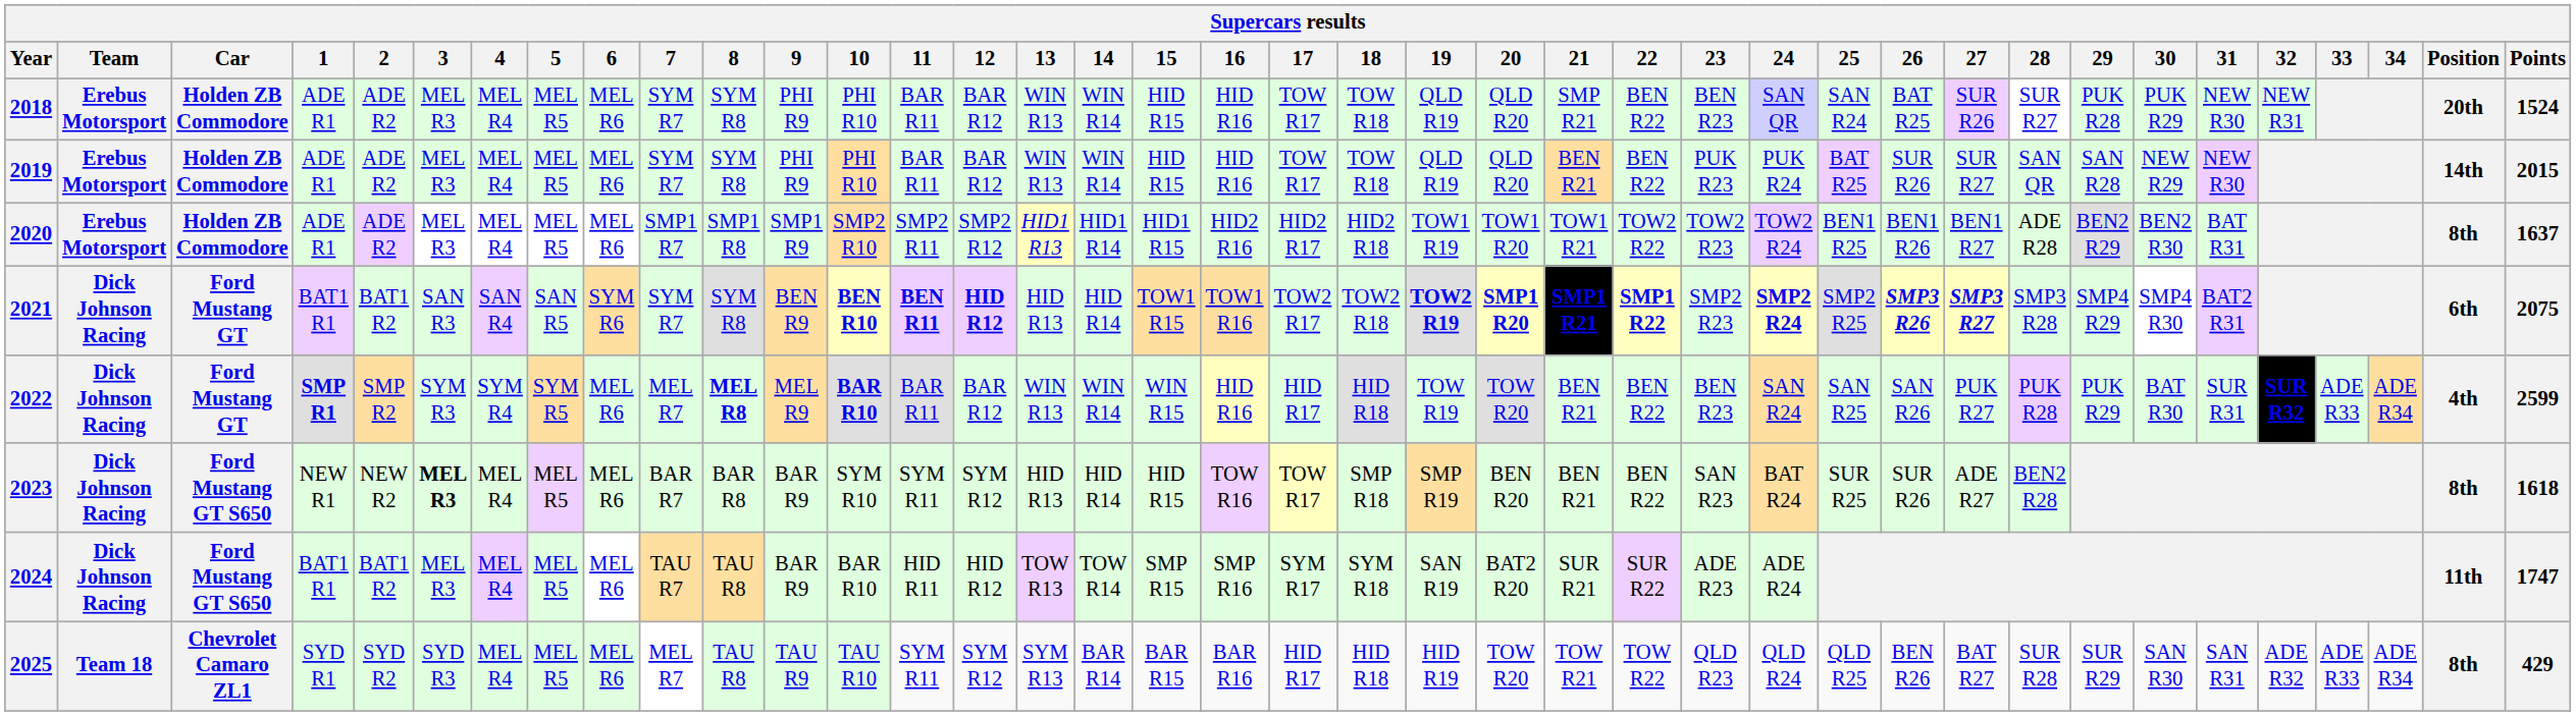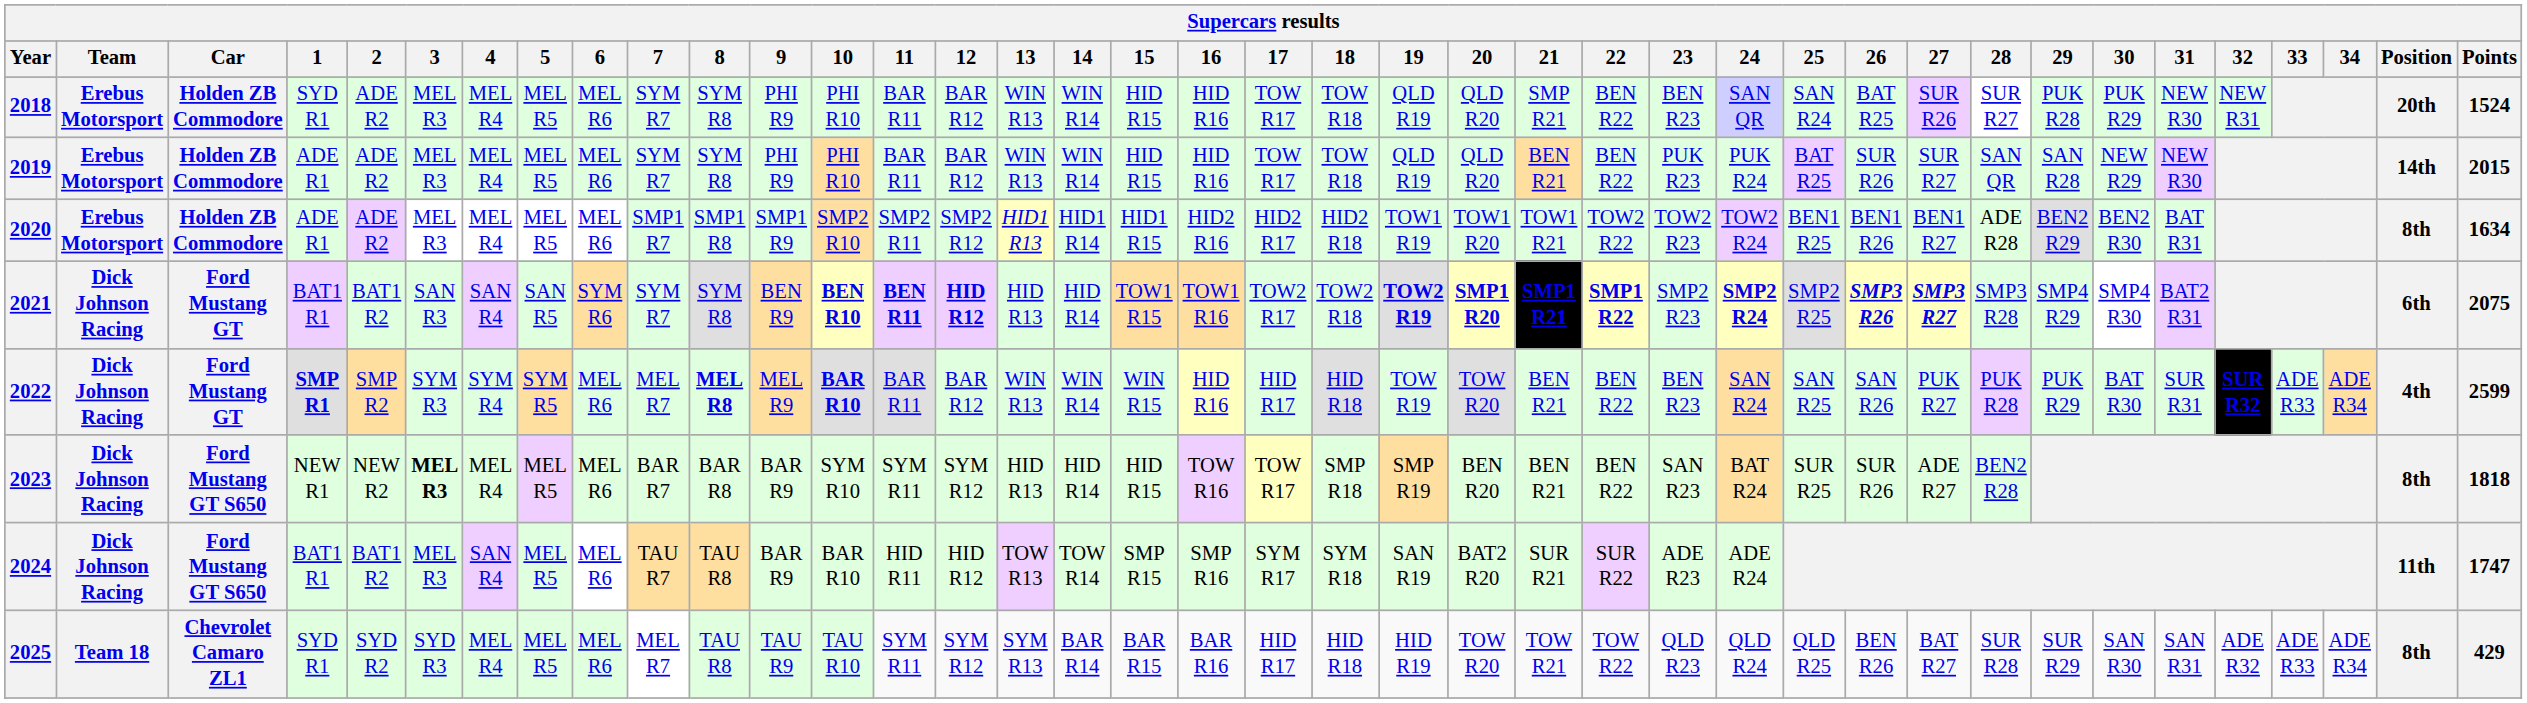 <table class="wikitable" style="text-align:center; font-size:75%">
 <tr>
 <th colspan=45><a href='#'>Supercars</a> results</th>
 </tr>
 <tr>
 <th>Year</th>
 <th>Team</th>
 <th>Car</th>
 <th>1</th>
 <th>2</th>
 <th>3</th>
 <th>4</th>
 <th>5</th>
 <th>6</th>
 <th>7</th>
 <th>8</th>
 <th>9</th>
 <th>10</th>
 <th>11</th>
 <th>12</th>
 <th>13</th>
 <th>14</th>
 <th>15</th>
 <th>16</th>
 <th>17</th>
 <th>18</th>
 <th>19</th>
 <th>20</th>
 <th>21</th>
 <th>22</th>
 <th>23</th>
 <th>24</th>
 <th>25</th>
 <th>26</th>
 <th>27</th>
 <th>28</th>
 <th>29</th>
 <th>30</th>
 <th>31</th>
 <th>32</th>
 <th>33</th>
 <th>34</th>
 <th>Position</th>
 <th>Points</th>
 </tr>
 <tr>
 <th><a href='#'>2018</a></th>
 <th><a href='#'>Erebus Motorsport</a></th>
 <th><a href='#'>Holden ZB Commodore</a></th>
-<td style=background:#dfffdf><a href='#'>ADE<br>R1</a><br></td>
+<td style=background:#dfffdf><a href='#'>SYD<br>R1</a><br></td>
 <td style=background:#dfffdf><a href='#'>ADE<br>R2</a><br></td>
 <td style=background:#dfffdf><a href='#'>MEL<br>R3</a><br></td>
 <td style=background:#dfffdf><a href='#'>MEL<br>R4</a><br></td>
 <td style=background:#dfffdf><a href='#'>MEL<br>R5</a><br></td>
 <td style=background:#dfffdf><a href='#'>MEL<br>R6</a><br></td>
 <td style=background:#dfffdf><a href='#'>SYM<br>R7</a><br></td>
 <td style=background:#dfffdf><a href='#'>SYM<br>R8</a><br></td>
 <td style=background:#dfffdf><a href='#'>PHI<br>R9</a><br></td>
 <td style=background:#dfffdf><a href='#'>PHI<br>R10</a><br></td>
 <td style=background:#dfffdf><a href='#'>BAR<br>R11</a><br></td>
 <td style=background:#dfffdf><a href='#'>BAR<br>R12</a><br></td>
 <td style=background:#dfffdf><a href='#'>WIN<br>R13</a><br></td>
 <td style=background:#dfffdf><a href='#'>WIN<br>R14</a><br></td>
 <td style=background:#dfffdf><a href='#'>HID<br>R15</a><br></td>
 <td style=background:#dfffdf><a href='#'>HID<br>R16</a><br></td>
 <td style=background:#dfffdf><a href='#'>TOW<br>R17</a><br></td>
 <td style=background:#dfffdf><a href='#'>TOW<br>R18</a><br></td>
 <td style=background:#dfffdf><a href='#'>QLD<br>R19</a><br></td>
 <td style=background:#dfffdf><a href='#'>QLD<br>R20</a><br></td>
 <td style=background:#dfffdf><a href='#'>SMP<br>R21</a><br></td>
 <td style=background:#dfffdf><a href='#'>BEN<br>R22</a><br></td>
 <td style=background:#dfffdf><a href='#'>BEN<br>R23</a><br></td>
 <td style=background:#cfcfff><a href='#'>SAN<br>QR</a><br></td>
 <td style=background:#dfffdf><a href='#'>SAN<br>R24</a><br></td>
 <td style=background:#dfffdf><a href='#'>BAT<br>R25</a><br></td>
 <td style=background:#efcfff><a href='#'>SUR<br>R26</a><br></td>
 <td style=background:#ffffff><a href='#'>SUR<br>R27</a><br></td>
 <td style=background:#dfffdf><a href='#'>PUK<br>R28</a><br></td>
 <td style=background:#dfffdf><a href='#'>PUK<br>R29</a><br></td>
 <td style=background:#dfffdf><a href='#'>NEW<br>R30</a><br></td>
 <td style=background:#dfffdf><a href='#'>NEW<br>R31</a><br></td>
 <th colspan=2></th>
 <th>20th</th>
 <th>1524</th>
 </tr>
 <tr>
 <th><a href='#'>2019</a></th>
 <th><a href='#'>Erebus Motorsport</a></th>
 <th><a href='#'>Holden ZB Commodore</a></th>
 <td style=background:#dfffdf><a href='#'>ADE<br>R1</a><br></td>
 <td style=background:#dfffdf><a href='#'>ADE<br>R2</a><br></td>
 <td style=background:#dfffdf><a href='#'>MEL<br>R3</a><br></td>
 <td style=background:#dfffdf><a href='#'>MEL<br>R4</a><br></td>
 <td style=background:#dfffdf><a href='#'>MEL<br>R5</a><br></td>
 <td style=background:#dfffdf><a href='#'>MEL<br>R6</a><br></td>
 <td style=background:#dfffdf><a href='#'>SYM<br>R7</a><br></td>
 <td style=background:#dfffdf><a href='#'>SYM<br>R8</a><br></td>
 <td style=background:#dfffdf><a href='#'>PHI<br>R9</a><br></td>
 <td style=background:#ffdf9f><a href='#'>PHI<br>R10</a><br></td>
 <td style=background:#dfffdf><a href='#'>BAR<br>R11</a><br></td>
 <td style=background:#dfffdf><a href='#'>BAR<br>R12</a><br></td>
 <td style=background:#dfffdf><a href='#'>WIN<br>R13</a><br></td>
 <td style=background:#dfffdf><a href='#'>WIN<br>R14</a><br></td>
 <td style=background:#dfffdf><a href='#'>HID<br>R15</a><br></td>
 <td style=background:#dfffdf><a href='#'>HID<br>R16</a><br></td>
 <td style=background:#dfffdf><a href='#'>TOW<br>R17</a><br></td>
 <td style=background:#dfffdf><a href='#'>TOW<br>R18</a><br></td>
 <td style=background:#dfffdf><a href='#'>QLD<br>R19</a><br></td>
 <td style=background:#dfffdf><a href='#'>QLD<br>R20</a><br></td>
 <td style=background:#ffdf9f><a href='#'>BEN<br>R21</a><br></td>
 <td style=background:#dfffdf><a href='#'>BEN<br>R22</a><br></td>
 <td style=background:#dfffdf><a href='#'>PUK<br>R23</a><br></td>
 <td style=background:#dfffdf><a href='#'>PUK<br>R24</a><br></td>
 <td style=background:#efcfff><a href='#'>BAT<br>R25</a><br></td>
 <td style=background:#dfffdf><a href='#'>SUR<br>R26</a><br></td>
 <td style=background:#dfffdf><a href='#'>SUR<br>R27</a><br></td>
 <td style=background:#dfffdf><a href='#'>SAN<br>QR</a><br></td>
 <td style=background:#dfffdf><a href='#'>SAN<br>R28</a><br></td>
 <td style=background:#dfffdf><a href='#'>NEW<br>R29</a><br></td>
 <td style=background:#efcfff><a href='#'>NEW<br>R30</a><br></td>
 <th colspan=3></th>
 <th>14th</th>
 <th>2015</th>
 </tr>
 <tr>
 <th><a href='#'>2020</a></th>
 <th><a href='#'>Erebus Motorsport</a></th>
 <th><a href='#'>Holden ZB Commodore</a></th>
 <td style=background:#dfffdf><a href='#'>ADE<br>R1</a><br></td>
 <td style=background:#efcfff><a href='#'>ADE<br>R2</a><br></td>
 <td style=background:#ffffff><a href='#'>MEL<br>R3</a><br></td>
 <td style=background:#ffffff><a href='#'>MEL<br>R4</a><br></td>
 <td style=background:#ffffff><a href='#'>MEL<br>R5</a><br></td>
 <td style=background:#ffffff><a href='#'>MEL<br>R6</a><br></td>
 <td style=background:#dfffdf><a href='#'>SMP1<br>R7</a><br></td>
 <td style=background:#dfffdf><a href='#'>SMP1<br>R8</a><br></td>
 <td style=background:#dfffdf><a href='#'>SMP1<br>R9</a><br></td>
 <td style=background:#ffdf9f><a href='#'>SMP2<br>R10</a><br></td>
 <td style=background:#dfffdf><a href='#'>SMP2<br>R11</a><br></td>
 <td style=background:#dfffdf><a href='#'>SMP2<br>R12</a><br></td>
 <td style=background:#ffffbf><em><a href='#'>HID1<br>R13</a><br></em></td>
 <td style=background:#dfffdf><a href='#'>HID1<br>R14</a><br></td>
 <td style=background:#dfffdf><a href='#'>HID1<br>R15</a><br></td>
 <td style=background:#dfffdf><a href='#'>HID2<br>R16</a><br></td>
 <td style=background:#dfffdf><a href='#'>HID2<br>R17</a><br></td>
 <td style=background:#dfffdf><a href='#'>HID2<br>R18</a><br></td>
 <td style=background:#dfffdf><a href='#'>TOW1<br>R19</a><br></td>
 <td style=background:#dfffdf><a href='#'>TOW1<br>R20</a><br></td>
 <td style=background:#dfffdf><a href='#'>TOW1<br>R21</a><br></td>
 <td style=background:#dfffdf><a href='#'>TOW2<br>R22</a><br></td>
 <td style=background:#dfffdf><a href='#'>TOW2<br>R23</a><br></td>
 <td style=background:#efcfff><a href='#'>TOW2<br>R24</a><br></td>
 <td style=background:#dfffdf><a href='#'>BEN1<br>R25</a><br></td>
 <td style=background:#dfffdf><a href='#'>BEN1<br>R26</a><br></td>
 <td style=background:#dfffdf><a href='#'>BEN1<br>R27</a><br></td>
 <td style="background:#dfffdf">ADE<br>R28<br></td>
 <td style=background:#dfdfdf><a href='#'>BEN2<br>R29</a><br></td>
 <td style=background:#dfffdf><a href='#'>BEN2<br>R30</a><br></td>
 <td style=background:#dfffdf><a href='#'>BAT<br>R31</a><br></td>
 <th colspan=3></th>
 <th>8th</th>
-<th>1637</th>
+<th>1634</th>
 </tr>
 <tr>
 <th><a href='#'>2021</a></th>
 <th><a href='#'>Dick Johnson Racing</a></th>
 <th><a href='#'>Ford Mustang GT</a></th>
 <td style=background:#efcfff><a href='#'>BAT1<br>R1</a><br></td>
 <td style=background:#dfffdf><a href='#'>BAT1<br>R2</a><br></td>
 <td style=background:#dfffdf><a href='#'>SAN<br>R3</a><br></td>
 <td style=background:#efcfff><a href='#'>SAN<br>R4</a><br></td>
 <td style=background:#dfffdf><a href='#'>SAN<br>R5</a><br></td>
 <td style=background:#ffdf9f><a href='#'>SYM<br>R6</a><br></td>
 <td style=background:#dfffdf><a href='#'>SYM<br>R7</a><br></td>
 <td style=background:#dfdfdf><a href='#'>SYM<br>R8</a><br></td>
 <td style=background:#ffdf9f><a href='#'>BEN<br>R9</a><br></td>
 <td style=background:#ffffbf><strong><a href='#'>BEN<br>R10</a><br></strong></td>
 <td style=background:#efcfff><strong><a href='#'>BEN<br>R11</a><br></strong></td>
 <td style=background:#efcfff><strong><a href='#'>HID<br>R12</a><br></strong></td>
 <td style=background:#dfffdf><a href='#'>HID<br>R13</a><br></td>
 <td style=background:#dfffdf><a href='#'>HID<br>R14</a><br></td>
 <td style=background:#ffdf9f><a href='#'>TOW1<br>R15</a><br></td>
 <td style=background:#ffdf9f><a href='#'>TOW1<br>R16</a><br></td>
 <td style=background:#dfffdf><a href='#'>TOW2<br>R17</a><br></td>
 <td style=background:#dfffdf><a href='#'>TOW2<br>R18</a><br></td>
 <td style=background:#dfdfdf><strong><a href='#'>TOW2<br>R19</a><br></strong></td>
 <td style=background:#ffffbf><strong><a href='#'>SMP1<br>R20</a><br></strong></td>
 <td style="background:#000000; color:white;"><strong><a href='#'>SMP1<br>R21</a><br></strong></td>
 <td style=background:#ffffbf><strong><a href='#'>SMP1<br>R22</a><br></strong></td>
 <td style=background:#dfffdf><a href='#'>SMP2<br>R23</a><br></td>
 <td style=background:#ffffbf><strong><a href='#'>SMP2<br>R24</a><br></strong></td>
 <td style=background:#dfdfdf><a href='#'>SMP2<br>R25</a><br></td>
 <td style=background:#ffffbf><strong><em><a href='#'>SMP3<br>R26</a><br></em></strong></td>
 <td style=background:#ffffbf><strong><em><a href='#'>SMP3<br>R27</a><br></em></strong></td>
 <td style=background:#dfffdf><a href='#'>SMP3<br>R28</a><br></td>
 <td style=background:#dfffdf><a href='#'>SMP4<br>R29</a><br></td>
 <td style=background:#ffffff><a href='#'>SMP4<br>R30</a><br></td>
 <td style=background:#efcfff><a href='#'>BAT2<br>R31</a><br></td>
 <th colspan=3></th>
 <th>6th</th>
 <th>2075</th>
 </tr>
 <tr>
 <th><a href='#'>2022</a></th>
 <th><a href='#'>Dick Johnson Racing</a></th>
 <th><a href='#'>Ford Mustang GT</a></th>
 <td style=background:#dfdfdf><strong><a href='#'>SMP<br>R1</a><br></strong></td>
 <td style=background:#ffdf9f><a href='#'>SMP<br>R2</a><br></td>
 <td style=background:#dfffdf><a href='#'>SYM<br>R3</a><br></td>
 <td style=background:#dfffdf><a href='#'>SYM<br>R4</a><br></td>
 <td style=background:#ffdf9f><a href='#'>SYM<br>R5</a><br></td>
 <td style=background:#dfffdf><a href='#'>MEL<br>R6</a><br></td>
 <td style=background:#dfffdf><a href='#'>MEL<br>R7</a><br></td>
 <td style=background:#dfffdf><strong><a href='#'>MEL<br>R8</a><br></strong></td>
 <td style=background:#ffdf9f><a href='#'>MEL<br>R9</a><br></td>
 <td style=background:#dfdfdf><strong><a href='#'>BAR<br>R10</a><br></strong></td>
 <td style=background:#dfdfdf><a href='#'>BAR<br>R11</a><br></td>
 <td style=background:#dfffdf><a href='#'>BAR<br>R12</a><br></td>
 <td style=background:#dfffdf><a href='#'>WIN<br>R13</a><br></td>
 <td style=background:#dfffdf><a href='#'>WIN<br>R14</a><br></td>
 <td style=background:#dfffdf><a href='#'>WIN<br>R15</a><br></td>
 <td style=background:#ffffbf><a href='#'>HID<br>R16</a><br></td>
 <td style=background:#dfffdf><a href='#'>HID<br>R17</a><br></td>
 <td style=background:#dfdfdf><a href='#'>HID<br>R18</a><br></td>
 <td style=background:#dfffdf><a href='#'>TOW<br>R19</a><br></td>
 <td style=background:#dfdfdf><a href='#'>TOW<br>R20</a><br></td>
 <td style=background:#dfffdf><a href='#'>BEN<br>R21</a><br></td>
 <td style=background:#dfffdf><a href='#'>BEN<br>R22</a><br></td>
 <td style=background:#dfffdf><a href='#'>BEN<br>R23</a><br></td>
 <td style=background:#ffdf9f><a href='#'>SAN<br>R24</a><br></td>
 <td style=background:#dfffdf><a href='#'>SAN<br>R25</a><br></td>
 <td style=background:#dfffdf><a href='#'>SAN<br>R26</a><br></td>
 <td style=background:#dfffdf><a href='#'>PUK<br>R27</a><br></td>
 <td style=background:#efcfff><a href='#'>PUK<br>R28</a><br></td>
 <td style=background:#dfffdf><a href='#'>PUK<br>R29</a><br></td>
 <td style=background:#dfffdf><a href='#'>BAT<br>R30</a><br></td>
 <td style=background:#dfffdf><a href='#'>SUR<br>R31</a><br></td>
 <td style="background: #000000; color:white;"><strong><a href='#'>SUR<br>R32</a><br></strong></td>
 <td style=background:#dfffdf><a href='#'>ADE<br>R33</a><br></td>
 <td style=background:#ffdf9f><a href='#'>ADE<br>R34</a><br></td>
 <th>4th</th>
 <th>2599</th>
 </tr>
 <tr>
 <th><a href='#'>2023</a></th>
 <th><a href='#'>Dick Johnson Racing</a></th>
 <th><a href='#'>Ford Mustang GT S650</a></th>
 <td style="background:#dfffdf">NEW<br>R1<br></td>
 <td style="background:#dfffdf">NEW<br>R2<br></td>
 <td style="background:#dfffdf"><strong>MEL<br>R3<br></strong></td>
 <td style="background:#dfffdf">MEL<br>R4<br></td>
 <td style="background:#efcfff">MEL<br>R5<br></td>
 <td style="background:#dfffdf">MEL<br>R6<br></td>
 <td style="background:#dfffdf">BAR<br>R7<br></td>
 <td style="background:#dfffdf">BAR<br>R8<br></td>
 <td style="background:#dfffdf">BAR<br>R9<br></td>
 <td style="background:#dfffdf">SYM<br>R10<br></td>
 <td style="background:#dfffdf">SYM<br>R11<br></td>
 <td style="background:#dfffdf">SYM<br>R12<br></td>
 <td style="background:#dfffdf">HID<br>R13<br></td>
 <td style="background:#dfffdf">HID<br>R14<br></td>
 <td style="background:#dfffdf">HID<br>R15<br></td>
 <td style="background:#efcfff">TOW<br>R16<br></td>
 <td style="background:#ffffbf">TOW<br>R17<br></td>
 <td style="background:#dfffdf">SMP<br>R18<br></td>
 <td style="background:#ffdf9f">SMP<br>R19<br></td>
 <td style="background:#dfffdf">BEN<br>R20<br></td>
 <td style="background:#dfffdf">BEN<br>R21<br></td>
 <td style="background:#dfffdf">BEN<br>R22<br></td>
 <td style="background:#dfffdf">SAN<br>R23<br></td>
 <td style="background:#ffdf9f">BAT<br>R24<br></td>
 <td style="background:#dfffdf">SUR<br>R25<br></td>
 <td style="background:#dfffdf">SUR<br>R26<br></td>
 <td style="background:#dfffdf">ADE<br>R27<br></td>
 <td style=background:#dfffdf><a href='#'>BEN2<br>R28</a><br></td>
 <th colspan=6></th>
 <th>8th</th>
-<th>1618</th>
+<th>1818</th>
 </tr>
 <tr>
 <th><a href='#'>2024</a></th>
 <th><a href='#'>Dick Johnson Racing</a></th>
 <th><a href='#'>Ford Mustang GT S650</a></th>
 <td style="background:#dfffdf"><a href='#'>BAT1<br>R1</a><br></td>
 <td style="background:#dfffdf"><a href='#'>BAT1<br>R2</a><br></td>
 <td style="background:#dfffdf"><a href='#'>MEL<br>R3</a><br></td>
-<td style="background:#efcfff"><a href='#'>MEL<br>R4</a><br></td>
+<td style=background:#efcfff><a href='#'>SAN<br>R4</a><br></td>
 <td style="background:#dfffdf"><a href='#'>MEL<br>R5</a><br></td>
 <td style="background:#ffffff"><a href='#'>MEL<br>R6</a><br></td>
 <td style="background:#ffdf9f">TAU<br>R7<br></td>
 <td style="background:#ffdf9f">TAU<br>R8<br></td>
 <td style="background:#dfffdf">BAR<br>R9<br></td>
 <td style="background:#dfffdf">BAR<br>R10<br></td>
 <td style="background:#dfffdf">HID<br>R11<br></td>
 <td style="background:#dfffdf">HID<br>R12<br></td>
 <td style="background:#efcfff">TOW<br>R13<br></td>
 <td style="background:#dfffdf">TOW<br>R14<br></td>
 <td style="background:#dfffdf">SMP<br>R15<br></td>
 <td style="background:#dfffdf">SMP<br>R16<br></td>
 <td style="background:#dfffdf">SYM<br>R17<br></td>
 <td style="background:#dfffdf">SYM<br>R18<br></td>
 <td style="background:#dfffdf">SAN<br>R19<br></td>
 <td style="background:#dfffdf">BAT2<br>R20<br></td>
 <td style="background:#dfffdf">SUR<br>R21<br></td>
 <td style="background:#efcfff">SUR<br>R22<br></td>
 <td style="background:#dfffdf">ADE<br>R23<br></td>
 <td style="background:#dfffdf">ADE<br>R24<br></td>
 <th colspan=10></th>
 <th>11th</th>
 <th>1747</th>
 </tr>
 <tr>
 <th><a href='#'>2025</a></th>
 <th><a href='#'>Team 18</a></th>
 <th><a href='#'>Chevrolet Camaro ZL1</a></th>
 <td style=background:#dfffdf><a href='#'>SYD<br>R1</a><br></td>
 <td style=background:#dfffdf><a href='#'>SYD<br>R2</a><br></td>
 <td style=background:#dfffdf><a href='#'>SYD<br>R3</a><br></td>
 <td style=background:#dfffdf><a href='#'>MEL<br>R4</a><br></td>
 <td style=background:#dfffdf><a href='#'>MEL<br>R5</a><br></td>
 <td style=background:#dfffdf><a href='#'>MEL<br>R6</a><br></td>
 <td style=background:#ffffff><a href='#'>MEL<br>R7</a><br></td>
 <td style=background:#dfffdf><a href='#'>TAU<br>R8</a><br></td>
 <td style=background:#dfffdf><a href='#'>TAU<br>R9</a><br></td>
 <td style=background:#dfffdf><a href='#'>TAU<br>R10</a><br></td>
 <td><a href='#'>SYM<br>R11</a></td>
 <td><a href='#'>SYM<br>R12</a></td>
 <td><a href='#'>SYM<br>R13</a></td>
 <td><a href='#'>BAR<br>R14</a></td>
 <td><a href='#'>BAR<br>R15</a></td>
 <td><a href='#'>BAR<br>R16</a></td>
 <td><a href='#'>HID<br>R17</a></td>
 <td><a href='#'>HID<br>R18</a></td>
 <td><a href='#'>HID<br>R19</a></td>
 <td><a href='#'>TOW<br>R20</a></td>
 <td><a href='#'>TOW<br>R21</a></td>
 <td><a href='#'>TOW<br>R22</a></td>
 <td><a href='#'>QLD<br>R23</a></td>
 <td><a href='#'>QLD<br>R24</a></td>
 <td><a href='#'>QLD<br>R25</a></td>
 <td><a href='#'>BEN<br>R26</a></td>
 <td><a href='#'>BAT<br>R27</a></td>
 <td><a href='#'>SUR<br>R28</a></td>
 <td><a href='#'>SUR<br>R29</a></td>
 <td><a href='#'>SAN<br>R30</a></td>
 <td><a href='#'>SAN<br>R31</a></td>
 <td><a href='#'>ADE<br>R32</a></td>
 <td><a href='#'>ADE<br>R33</a></td>
 <td><a href='#'>ADE<br>R34</a></td>
 <th>8th</th>
 <th>429</th>
 </tr>
 </table>
